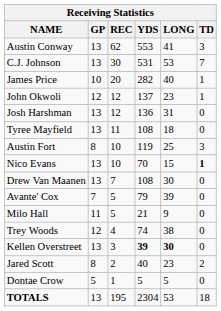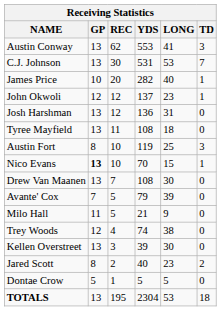 <table class="wikitable sortable collapsible collapsed">
 <tr>
 <th colspan="7">Receiving Statistics</th>
 </tr>
 <tr>
 <th>NAME</th>
 <th>GP</th>
 <th>REC</th>
 <th>YDS</th>
 <th>LONG</th>
 <th>TD</th>
 </tr>
 <tr>
 <td>Austin Conway</td>
 <td>13</td>
 <td>62</td>
 <td>553</td>
 <td>41</td>
 <td>3</td>
 </tr>
 <tr>
 <td>C.J. Johnson</td>
 <td>13</td>
 <td>30</td>
 <td>531</td>
 <td>53</td>
 <td>7</td>
 </tr>
 <tr>
 <td>James Price</td>
 <td>10</td>
 <td>20</td>
 <td>282</td>
 <td>40</td>
 <td>1</td>
 </tr>
 <tr>
 <td>John Okwoli</td>
 <td>12</td>
 <td>12</td>
 <td>137</td>
 <td>23</td>
 <td>1</td>
 </tr>
 <tr>
 <td>Josh Harshman</td>
 <td>13</td>
 <td>12</td>
 <td>136</td>
 <td>31</td>
 <td>0</td>
 </tr>
 <tr>
 <td>Tyree Mayfield</td>
 <td>13</td>
 <td>11</td>
 <td>108</td>
 <td>18</td>
 <td>0</td>
 </tr>
 <tr>
 <td>Austin Fort</td>
 <td>8</td>
 <td>10</td>
 <td>119</td>
 <td>25</td>
 <td>3</td>
 </tr>
 <tr>
 <td>Nico Evans</td>
-<td>13</td>
+<td><strong>13</strong></td>
 <td>10</td>
 <td>70</td>
 <td>15</td>
-<td><strong>1</strong></td>
+<td>1</td>
 </tr>
 <tr>
 <td>Drew Van Maanen</td>
 <td>13</td>
 <td>7</td>
 <td>108</td>
 <td>30</td>
 <td>0</td>
 </tr>
 <tr>
 <td>Avante' Cox</td>
 <td>7</td>
 <td>5</td>
 <td>79</td>
 <td>39</td>
 <td>0</td>
 </tr>
 <tr>
 <td>Milo Hall</td>
 <td>11</td>
 <td>5</td>
 <td>21</td>
 <td>9</td>
 <td>0</td>
 </tr>
 <tr>
 <td>Trey Woods</td>
 <td>12</td>
 <td>4</td>
 <td>74</td>
 <td>38</td>
 <td>0</td>
 </tr>
 <tr>
 <td>Kellen Overstreet</td>
 <td>13</td>
 <td>3</td>
-<td><strong>39</strong></td>
-<td><strong>30</strong></td>
+<td>39</td>
+<td>30</td>
 <td>0</td>
 </tr>
 <tr>
 <td>Jared Scott</td>
 <td>8</td>
 <td>2</td>
 <td>40</td>
 <td>23</td>
 <td>2</td>
 </tr>
 <tr>
 <td>Dontae Crow</td>
 <td>5</td>
 <td>1</td>
 <td>5</td>
 <td>5</td>
 <td>0</td>
 </tr>
 <tr>
 <td><strong>TOTALS</strong></td>
 <td>13</td>
 <td>195</td>
 <td>2304</td>
 <td>53</td>
 <td>18</td>
 </tr>
 </table>
